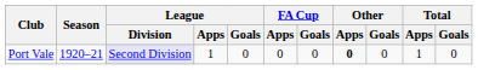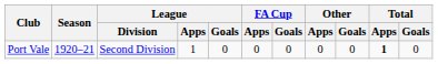 <table class="wikitable" style="text-align:center">
 <tr>
 <th rowspan="2">Club</th>
 <th rowspan="2">Season</th>
 <th colspan="3">League</th>
 <th colspan="2"><a href='#'>FA Cup</a></th>
 <th colspan="2">Other</th>
 <th colspan="2">Total</th>
 </tr>
 <tr>
 <th>Division</th>
 <th>Apps</th>
 <th>Goals</th>
 <th>Apps</th>
 <th>Goals</th>
 <th>Apps</th>
 <th>Goals</th>
 <th>Apps</th>
 <th>Goals</th>
 </tr>
 <tr>
 <td><a href='#'>Port Vale</a></td>
 <td><a href='#'>1920–21</a></td>
-<td style="background: lavender;"><a href='#'>Second Division</a></td>
+<td><a href='#'>Second Division</a></td>
 <td>1</td>
 <td>0</td>
 <td>0</td>
 <td>0</td>
-<td><strong>0</strong></td>
 <td>0</td>
-<td>1</td>
+<td>0</td>
+<td><strong>1</strong></td>
 <td>0</td>
 </tr>
 </table>
